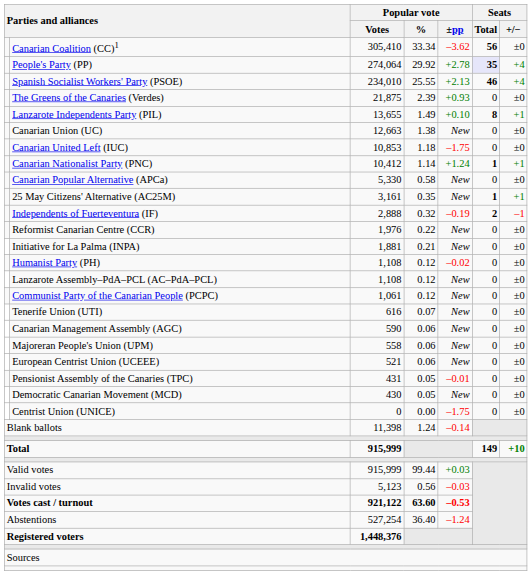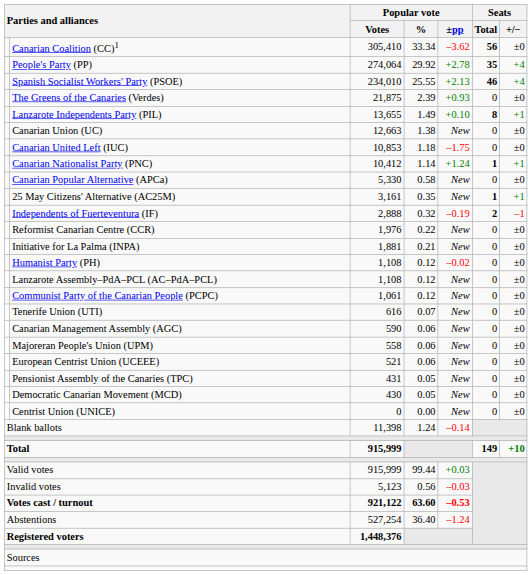 <table class="wikitable" style="text-align:right;">
 <tr>
 <th style="text-align:left;" rowspan="2" colspan="2" width="525">Parties and alliances</th>
 <th colspan="3">Popular vote</th>
 <th colspan="2">Seats</th>
 </tr>
 <tr>
 <th width="75">Votes</th>
 <th width="45">%</th>
 <th width="45">±<a href='#'>pp</a></th>
 <th width="35">Total</th>
 <th width="35">+/−</th>
 </tr>
 <tr>
 <td width="1" style="color:inherit;background:"></td>
 <td align="left"><a href='#'>Canarian Coalition</a> (CC)<sup>1</sup></td>
 <td>305,410</td>
 <td>33.34</td>
 <td style="color:red;">–3.62</td>
 <td><strong>56</strong></td>
 <td>±0</td>
 </tr>
 <tr>
 <td style="color:inherit;background:"></td>
 <td align="left"><a href='#'>People's Party</a> (PP)</td>
 <td>274,064</td>
 <td>29.92</td>
 <td style="color:green;">+2.78</td>
-<td style="background: lavender;"><strong>35</strong></td>
+<td><strong>35</strong></td>
 <td style="color:green;">+4</td>
 </tr>
 <tr>
 <td style="color:inherit;background:"></td>
 <td align="left"><a href='#'>Spanish Socialist Workers' Party</a> (PSOE)</td>
 <td>234,010</td>
 <td>25.55</td>
 <td style="color:green;">+2.13</td>
 <td><strong>46</strong></td>
 <td style="color:green;">+4</td>
 </tr>
 <tr>
 <td style="color:inherit;background:"></td>
 <td align="left"><a href='#'>The Greens of the Canaries</a> (Verdes)</td>
 <td>21,875</td>
 <td>2.39</td>
 <td style="color:green;">+0.93</td>
 <td>0</td>
 <td>±0</td>
 </tr>
 <tr>
 <td style="color:inherit;background:"></td>
 <td align="left"><a href='#'>Lanzarote Independents Party</a> (PIL)</td>
 <td>13,655</td>
 <td>1.49</td>
 <td style="color:green;">+0.10</td>
 <td><strong>8</strong></td>
 <td style="color:green;">+1</td>
 </tr>
 <tr>
 <td style="color:inherit;background:"></td>
 <td align="left">Canarian Union (UC)</td>
 <td>12,663</td>
 <td>1.38</td>
 <td><em>New</em></td>
 <td>0</td>
 <td>±0</td>
 </tr>
 <tr>
 <td style="color:inherit;background:"></td>
 <td align="left"><a href='#'>Canarian United Left</a> (IUC)</td>
 <td>10,853</td>
 <td>1.18</td>
 <td style="color:red;">–1.75</td>
 <td>0</td>
 <td>±0</td>
 </tr>
 <tr>
 <td style="color:inherit;background:"></td>
 <td align="left"><a href='#'>Canarian Nationalist Party</a> (PNC)</td>
 <td>10,412</td>
 <td>1.14</td>
 <td style="color:green;">+1.24</td>
 <td><strong>1</strong></td>
 <td style="color:green;">+1</td>
 </tr>
 <tr>
 <td style="color:inherit;background:"></td>
 <td align="left"><a href='#'>Canarian Popular Alternative</a> (APCa)</td>
 <td>5,330</td>
 <td>0.58</td>
 <td><em>New</em></td>
 <td>0</td>
 <td>±0</td>
 </tr>
 <tr>
 <td style="color:inherit;background:"></td>
 <td align="left">25 May Citizens' Alternative (AC25M)</td>
 <td>3,161</td>
 <td>0.35</td>
 <td><em>New</em></td>
 <td><strong>1</strong></td>
 <td style="color:green;">+1</td>
 </tr>
 <tr>
 <td style="color:inherit;background:"></td>
 <td align="left"><a href='#'>Independents of Fuerteventura</a> (IF)</td>
 <td>2,888</td>
 <td>0.32</td>
 <td style="color:red;">–0.19</td>
 <td><strong>2</strong></td>
 <td style="color:red;">–1</td>
 </tr>
 <tr>
 <td style="color:inherit;background:"></td>
 <td align="left">Reformist Canarian Centre (CCR)</td>
 <td>1,976</td>
 <td>0.22</td>
 <td><em>New</em></td>
 <td>0</td>
 <td>±0</td>
 </tr>
 <tr>
 <td bgcolor="white"></td>
 <td align="left">Initiative for La Palma (INPA)</td>
 <td>1,881</td>
 <td>0.21</td>
 <td><em>New</em></td>
 <td>0</td>
 <td>±0</td>
 </tr>
 <tr>
 <td style="color:inherit;background:"></td>
 <td align="left"><a href='#'>Humanist Party</a> (PH)</td>
 <td>1,108</td>
 <td>0.12</td>
 <td style="color:red;">–0.02</td>
 <td>0</td>
 <td>±0</td>
 </tr>
 <tr>
 <td bgcolor="white"></td>
 <td align="left">Lanzarote Assembly–PdA–PCL (AC–PdA–PCL)</td>
 <td>1,108</td>
 <td>0.12</td>
 <td><em>New</em></td>
 <td>0</td>
 <td>±0</td>
 </tr>
 <tr>
 <td style="color:inherit;background:"></td>
 <td align="left"><a href='#'>Communist Party of the Canarian People</a> (PCPC)</td>
 <td>1,061</td>
 <td>0.12</td>
 <td><em>New</em></td>
 <td>0</td>
 <td>±0</td>
 </tr>
 <tr>
 <td bgcolor="white"></td>
 <td align="left">Tenerife Union (UTI)</td>
 <td>616</td>
 <td>0.07</td>
 <td><em>New</em></td>
 <td>0</td>
 <td>±0</td>
 </tr>
 <tr>
 <td bgcolor="white"></td>
 <td align="left">Canarian Management Assembly (AGC)</td>
 <td>590</td>
 <td>0.06</td>
 <td><em>New</em></td>
 <td>0</td>
 <td>±0</td>
 </tr>
 <tr>
 <td bgcolor="white"></td>
 <td align="left">Majoreran People's Union (UPM)</td>
 <td>558</td>
 <td>0.06</td>
 <td><em>New</em></td>
 <td>0</td>
 <td>±0</td>
 </tr>
 <tr>
 <td bgcolor="white"></td>
 <td align="left">European Centrist Union (UCEEE)</td>
 <td>521</td>
 <td>0.06</td>
 <td><em>New</em></td>
 <td>0</td>
 <td>±0</td>
 </tr>
 <tr>
 <td style="color:inherit;background:"></td>
 <td align="left">Pensionist Assembly of the Canaries (TPC)</td>
 <td>431</td>
 <td>0.05</td>
-<td style="color:red;">–0.01</td>
+<td><em>New</em></td>
 <td>0</td>
 <td>±0</td>
 </tr>
 <tr>
 <td bgcolor="white"></td>
 <td align="left">Democratic Canarian Movement (MCD)</td>
 <td>430</td>
 <td>0.05</td>
 <td><em>New</em></td>
 <td>0</td>
 <td>±0</td>
 </tr>
 <tr>
 <td bgcolor="white"></td>
 <td align="left">Centrist Union (UNICE)</td>
 <td>0</td>
 <td>0.00</td>
-<td style="color:red;">–1.75</td>
+<td><em>New</em></td>
 <td>0</td>
 <td>±0</td>
 </tr>
 <tr>
 <td align="left" colspan="2">Blank ballots</td>
 <td>11,398</td>
 <td>1.24</td>
 <td style="color:red;">–0.14</td>
 <td bgcolor="#E9E9E9" colspan="2"></td>
 </tr>
 <tr>
 <td colspan="7" bgcolor="#E9E9E9"></td>
 </tr>
 <tr style="font-weight:bold;">
 <td align="left" colspan="2">Total</td>
 <td>915,999</td>
 <td bgcolor="#E9E9E9" colspan="2"></td>
 <td>149</td>
 <td style="color:green;">+10</td>
 </tr>
 <tr>
 <td colspan="7" bgcolor="#E9E9E9"></td>
 </tr>
 <tr>
 <td align="left" colspan="2">Valid votes</td>
 <td>915,999</td>
 <td>99.44</td>
 <td style="color:green;">+0.03</td>
 <td bgcolor="#E9E9E9" colspan="2" rowspan="5"></td>
 </tr>
 <tr>
 <td align="left" colspan="2">Invalid votes</td>
 <td>5,123</td>
 <td>0.56</td>
 <td style="color:red;">–0.03</td>
 </tr>
 <tr style="font-weight:bold;">
 <td align="left" colspan="2">Votes cast / turnout</td>
 <td>921,122</td>
 <td>63.60</td>
 <td style="color:red;">–0.53</td>
 </tr>
 <tr>
 <td align="left" colspan="2">Abstentions</td>
 <td>527,254</td>
 <td>36.40</td>
 <td style="color:red;">–1.24</td>
 </tr>
 <tr style="font-weight:bold;">
 <td align="left" colspan="2">Registered voters</td>
 <td>1,448,376</td>
 <td bgcolor="#E9E9E9" colspan="2"></td>
 </tr>
 <tr>
 <td colspan="7" bgcolor="#E9E9E9"></td>
 </tr>
 <tr>
 <td align="left" colspan="7">Sources</td>
 </tr>
 <tr>
 <td colspan="7" style="text-align:left; max-width:790px;"></td>
 </tr>
 </table>
